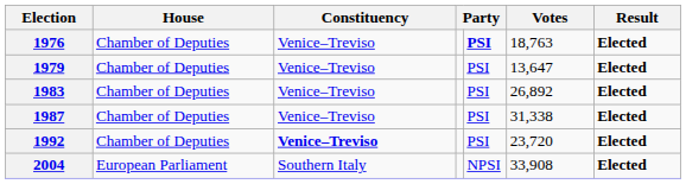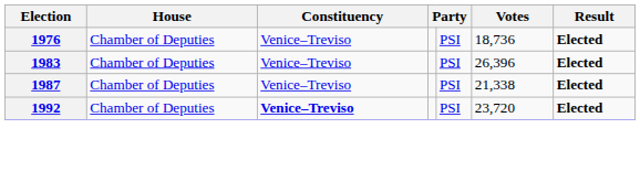 <table class=wikitable style="width:55%; border:1px #AAAAFF solid">
 <tr>
 <th width=12%>Election</th>
 <th width=25%>House</th>
 <th width=25%>Constituency</th>
 <th width=5% colspan="2">Party</th>
 <th width=12%>Votes</th>
 <th width=12%>Result</th>
 </tr>
 <tr>
 <th><a href='#'>1976</a></th>
 <td><a href='#'>Chamber of Deputies</a></td>
 <td><a href='#'>Venice–Treviso</a></td>
 <td></td>
-<td><strong><a href='#'>PSI</a></strong></td>
-<td>18,763</td>
-<td> <strong>Elected</strong></td>
-</tr>
-<tr>
-<th><a href='#'>1979</a></th>
-<td><a href='#'>Chamber of Deputies</a></td>
-<td><a href='#'>Venice–Treviso</a></td>
-<td></td>
 <td><a href='#'>PSI</a></td>
-<td>13,647</td>
+<td>18,736</td>
 <td> <strong>Elected</strong></td>
 </tr>
 <tr>
 <th><a href='#'>1983</a></th>
 <td><a href='#'>Chamber of Deputies</a></td>
 <td><a href='#'>Venice–Treviso</a></td>
 <td></td>
 <td><a href='#'>PSI</a></td>
-<td>26,892</td>
+<td>26,396</td>
 <td> <strong>Elected</strong></td>
 </tr>
 <tr>
 <th><a href='#'>1987</a></th>
 <td><a href='#'>Chamber of Deputies</a></td>
 <td><a href='#'>Venice–Treviso</a></td>
 <td></td>
 <td><a href='#'>PSI</a></td>
-<td>31,338</td>
+<td>21,338</td>
 <td> <strong>Elected</strong></td>
 </tr>
 <tr>
 <th><a href='#'>1992</a></th>
 <td><a href='#'>Chamber of Deputies</a></td>
 <td><strong><a href='#'>Venice–Treviso</a></strong></td>
 <td></td>
 <td><a href='#'>PSI</a></td>
 <td>23,720</td>
 <td> <strong>Elected</strong></td>
 </tr>
 <tr>
-<th><a href='#'>2004</a></th>
-<td><a href='#'>European Parliament</a></td>
-<td><a href='#'>Southern Italy</a></td>
-<td></td>
-<td><a href='#'>NPSI</a></td>
-<td>33,908</td>
-<td> <strong>Elected</strong></td>
-</tr>
-<tr>
 </tr>
 </table>
